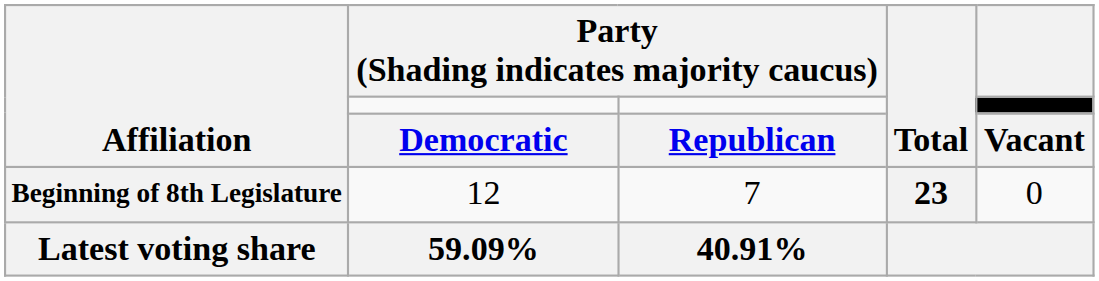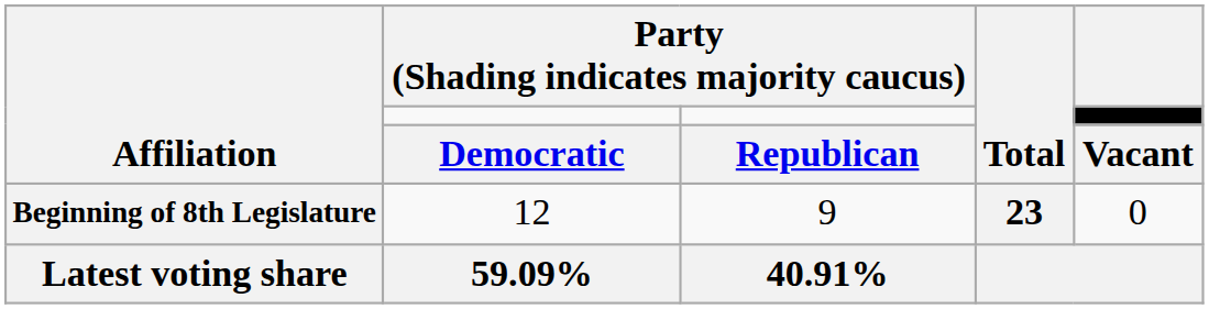 <table class=wikitable style="text-align:center">
 <tr style="vertical-align:bottom;">
 <th rowspan=3>Affiliation</th>
 <th colspan=2>Party <div>(Shading indicates majority caucus)</div></th>
 <th rowspan=3>Total</th>
 <th></th>
 </tr>
 <tr -style="height:5px">
 <td style="background-color:"></td>
 <td style="background-color:"></td>
 <td style="background-color:black"></td>
 </tr>
 <tr>
 <th><a href='#'>Democratic</a></th>
 <th><a href='#'>Republican</a></th>
 <th>Vacant</th>
 </tr>
 <tr>
 <th nowrap style="font-size:80%">Beginning of 8th Legislature</th>
 <td>12</td>
-<td>7</td>
+<td>9</td>
 <th>23</th>
 <td>0</td>
 </tr>
 <tr>
 <th>Latest voting share</th>
 <th>59.09%</th>
 <th>40.91%</th>
 <th colspan=2></th>
 </tr>
 </table>
